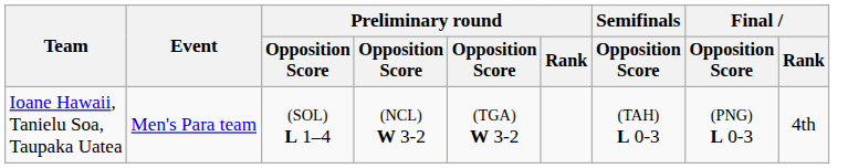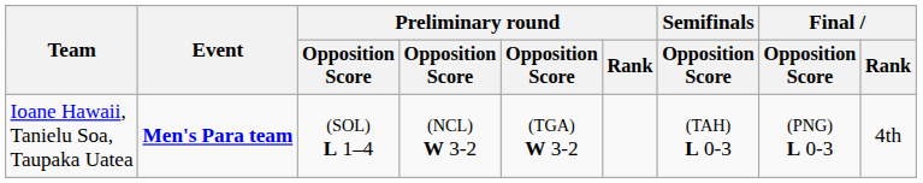 <table class=wikitable style=font-size:90%;text-align:center>
 <tr>
 <th rowspan=2>Team</th>
 <th rowspan=2>Event</th>
 <th colspan=4>Preliminary round</th>
 <th>Semifinals</th>
 <th colspan=2>Final / </th>
 </tr>
 <tr style=font-size:95%>
 <th>Opposition<br>Score</th>
 <th>Opposition<br>Score</th>
 <th>Opposition<br>Score</th>
 <th>Rank</th>
 <th>Opposition<br>Score</th>
 <th>Opposition<br>Score</th>
 <th>Rank</th>
 </tr>
 <tr>
 <td align=left><a href='#'>Ioane Hawaii</a>,<br>Tanielu Soa,<br>Taupaka Uatea</td>
-<td align=left><a href='#'>Men's Para team</a></td>
+<td align=left><strong><a href='#'>Men's Para team</a></strong></td>
 <td> <small>(SOL)</small><br>  <strong>L</strong> 1–4</td>
 <td> <small>(NCL)</small><br>  <strong>W</strong> 3-2</td>
 <td> <small>(TGA)</small><br>  <strong>W</strong> 3-2</td>
 <td></td>
 <td> <small>(TAH)</small><br>  <strong>L</strong> 0-3</td>
 <td> <small>(PNG)</small><br>  <strong>L</strong> 0-3</td>
 <td>4th</td>
 </tr>
 </table>
